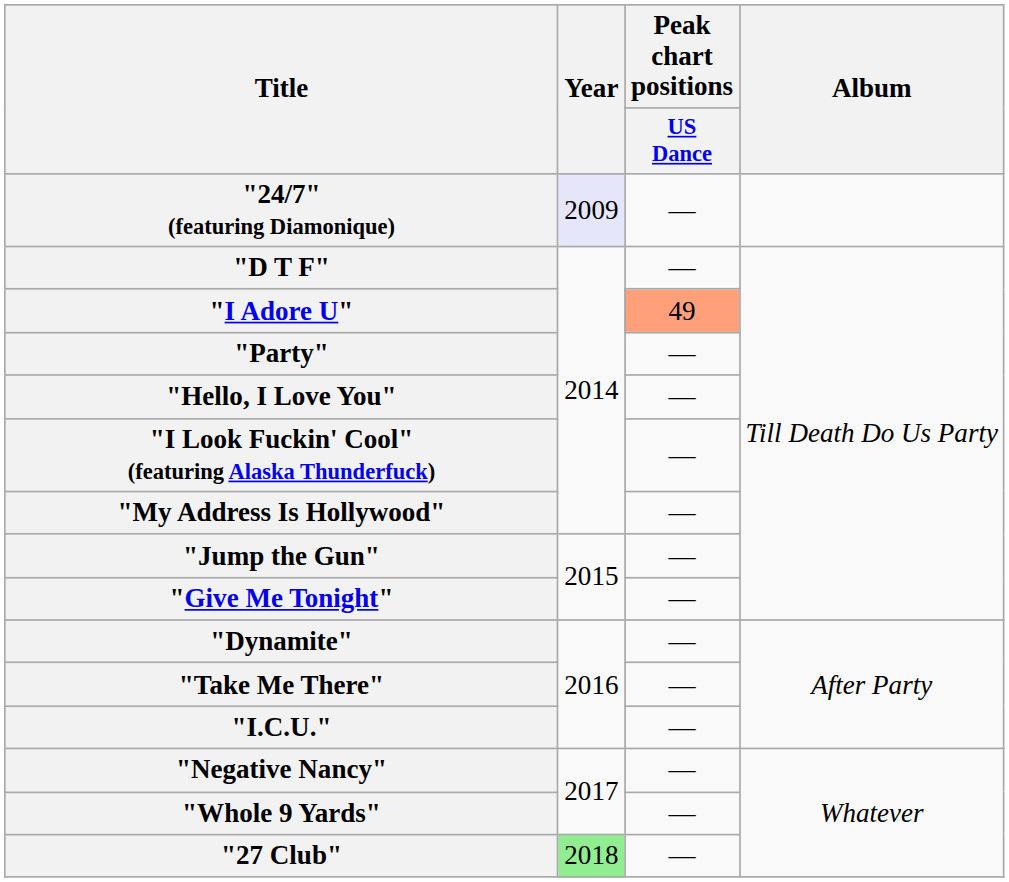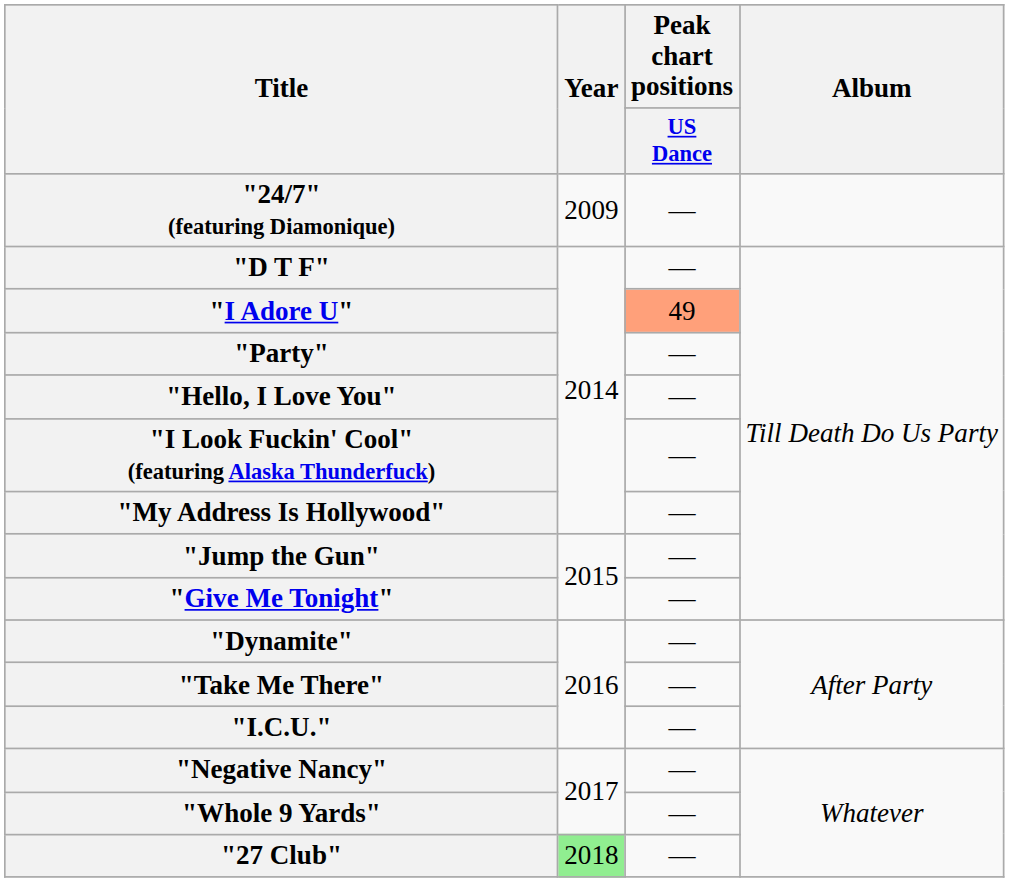 <table class="wikitable plainrowheaders" style="text-align:center;">
 <tr>
 <th rowspan="2" style="width:20em;">Title</th>
 <th rowspan="2">Year</th>
 <th colspan="1">Peak chart positions</th>
 <th rowspan="2">Album</th>
 </tr>
 <tr style="font-size:smaller;">
 <th width="40"><a href='#'>US<br>Dance</a><br></th>
 </tr>
 <tr>
 <th scope="row">"24/7"<br><small>(featuring Diamonique)</small></th>
-<td style="background: lavender;">2009</td>
+<td>2009</td>
 <td>—</td>
 <td></td>
 </tr>
 <tr>
 <th scope="row">"D T F"</th>
 <td rowspan="6">2014</td>
 <td>—</td>
 <td rowspan="8"><em>Till Death Do Us Party</em></td>
 </tr>
 <tr>
 <th scope="row">"<a href='#'>I Adore U</a>"</th>
 <td style="background: lightsalmon;">49</td>
 </tr>
 <tr>
 <th scope="row">"Party"</th>
 <td>—</td>
 </tr>
 <tr>
 <th scope="row">"Hello, I Love You"</th>
 <td>—</td>
 </tr>
 <tr>
 <th scope="row">"I Look Fuckin' Cool"<br><small>(featuring <a href='#'>Alaska Thunderfuck</a>)</small></th>
 <td>—</td>
 </tr>
 <tr>
 <th scope="row">"My Address Is Hollywood"</th>
 <td>—</td>
 </tr>
 <tr>
 <th scope="row">"Jump the Gun"</th>
 <td rowspan="2">2015</td>
 <td>—</td>
 </tr>
 <tr>
 <th scope="row">"<a href='#'>Give Me Tonight</a>"</th>
 <td>—</td>
 </tr>
 <tr>
 <th scope="row">"Dynamite"</th>
 <td rowspan="3">2016</td>
 <td>—</td>
 <td rowspan="3"><em>After Party</em></td>
 </tr>
 <tr>
 <th scope="row">"Take Me There"</th>
 <td>—</td>
 </tr>
 <tr>
 <th scope="row">"I.C.U."</th>
 <td>—</td>
 </tr>
 <tr>
 <th scope="row">"Negative Nancy"</th>
 <td rowspan="2">2017</td>
 <td>—</td>
 <td rowspan="3"><em>Whatever</em></td>
 </tr>
 <tr>
 <th scope="row">"Whole 9 Yards"</th>
 <td>—</td>
 </tr>
 <tr>
 <th scope="row">"27 Club"</th>
 <td style="background: lightgreen;">2018</td>
 <td>—</td>
 </tr>
 </table>
